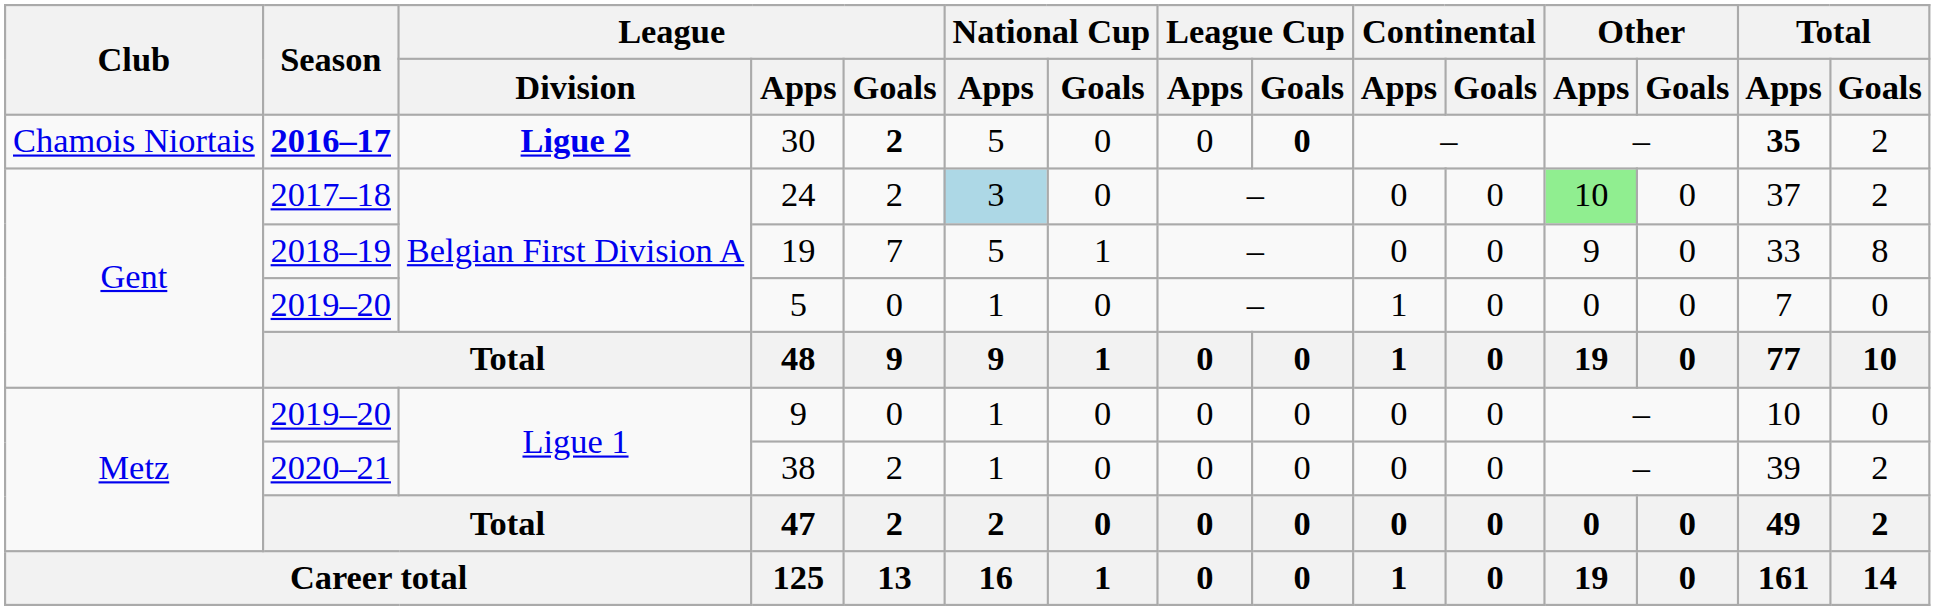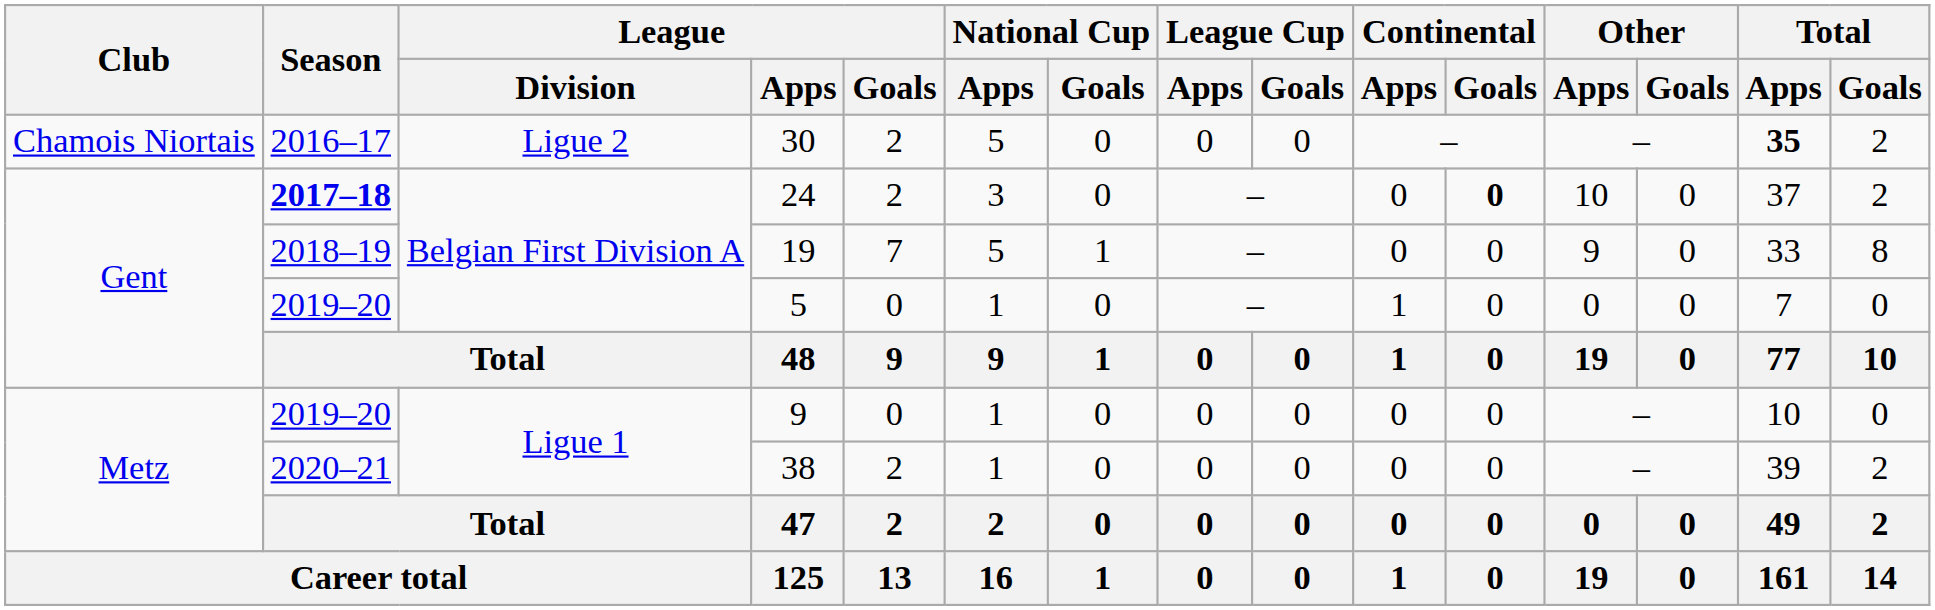 <table class="wikitable" style="text-align:center">
 <tr>
 <th rowspan="2">Club</th>
 <th rowspan="2">Season</th>
 <th colspan="3">League</th>
 <th colspan="2">National Cup</th>
 <th colspan="2">League Cup</th>
 <th colspan="2">Continental</th>
 <th colspan="2">Other</th>
 <th colspan="2">Total</th>
 </tr>
 <tr>
 <th>Division</th>
 <th>Apps</th>
 <th>Goals</th>
 <th>Apps</th>
 <th>Goals</th>
 <th>Apps</th>
 <th>Goals</th>
 <th>Apps</th>
 <th>Goals</th>
 <th>Apps</th>
 <th>Goals</th>
 <th>Apps</th>
 <th>Goals</th>
 </tr>
 <tr>
 <td><a href='#'>Chamois Niortais</a></td>
-<td><strong><a href='#'>2016–17</a></strong></td>
-<td><strong><a href='#'>Ligue 2</a></strong></td>
+<td><a href='#'>2016–17</a></td>
+<td><a href='#'>Ligue 2</a></td>
 <td>30</td>
-<td><strong>2</strong></td>
+<td>2</td>
 <td>5</td>
 <td>0</td>
 <td>0</td>
-<td><strong>0</strong></td>
+<td>0</td>
 <td colspan="2">–</td>
 <td colspan="2">–</td>
 <td><strong>35</strong></td>
 <td>2</td>
 </tr>
 <tr>
 <td rowspan="4"><a href='#'>Gent</a></td>
-<td><a href='#'>2017–18</a></td>
+<td><strong><a href='#'>2017–18</a></strong></td>
 <td rowspan="3"><a href='#'>Belgian First Division A</a></td>
 <td>24</td>
 <td>2</td>
-<td style="background: lightblue;">3</td>
+<td>3</td>
 <td>0</td>
 <td colspan="2">–</td>
 <td>0</td>
-<td>0</td>
-<td style="background: lightgreen;">10</td>
+<td><strong>0</strong></td>
+<td>10</td>
 <td>0</td>
 <td>37</td>
 <td>2</td>
 </tr>
 <tr>
 <td><a href='#'>2018–19</a></td>
 <td>19</td>
 <td>7</td>
 <td>5</td>
 <td>1</td>
 <td colspan="2">–</td>
 <td>0</td>
 <td>0</td>
 <td>9</td>
 <td>0</td>
 <td>33</td>
 <td>8</td>
 </tr>
 <tr>
 <td><a href='#'>2019–20</a></td>
 <td>5</td>
 <td>0</td>
 <td>1</td>
 <td>0</td>
 <td colspan="2">–</td>
 <td>1</td>
 <td>0</td>
 <td>0</td>
 <td>0</td>
 <td>7</td>
 <td>0</td>
 </tr>
 <tr>
 <th colspan="2">Total</th>
 <th>48</th>
 <th>9</th>
 <th>9</th>
 <th>1</th>
 <th>0</th>
 <th>0</th>
 <th>1</th>
 <th>0</th>
 <th>19</th>
 <th>0</th>
 <th>77</th>
 <th>10</th>
 </tr>
 <tr>
 <td rowspan="3"><a href='#'>Metz</a></td>
 <td><a href='#'>2019–20</a></td>
 <td rowspan="2"><a href='#'>Ligue 1</a></td>
 <td>9</td>
 <td>0</td>
 <td>1</td>
 <td>0</td>
 <td>0</td>
 <td>0</td>
 <td>0</td>
 <td>0</td>
 <td colspan="2">–</td>
 <td>10</td>
 <td>0</td>
 </tr>
 <tr>
 <td><a href='#'>2020–21</a></td>
 <td>38</td>
 <td>2</td>
 <td>1</td>
 <td>0</td>
 <td>0</td>
 <td>0</td>
 <td>0</td>
 <td>0</td>
 <td colspan="2">–</td>
 <td>39</td>
 <td>2</td>
 </tr>
 <tr>
 <th colspan="2">Total</th>
 <th>47</th>
 <th>2</th>
 <th>2</th>
 <th>0</th>
 <th>0</th>
 <th>0</th>
 <th>0</th>
 <th>0</th>
 <th>0</th>
 <th>0</th>
 <th>49</th>
 <th>2</th>
 </tr>
 <tr>
 <th colspan="3">Career total</th>
 <th>125</th>
 <th>13</th>
 <th>16</th>
 <th>1</th>
 <th>0</th>
 <th>0</th>
 <th>1</th>
 <th>0</th>
 <th>19</th>
 <th>0</th>
 <th>161</th>
 <th>14</th>
 </tr>
 </table>
